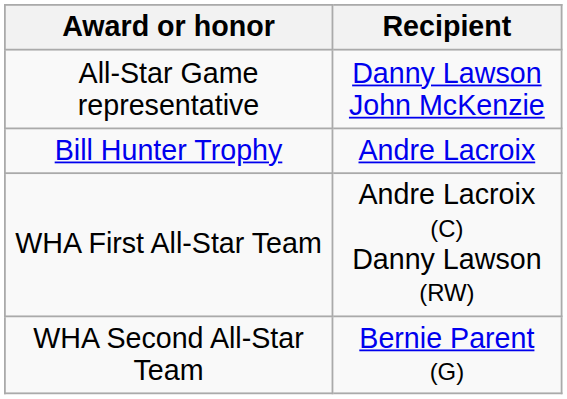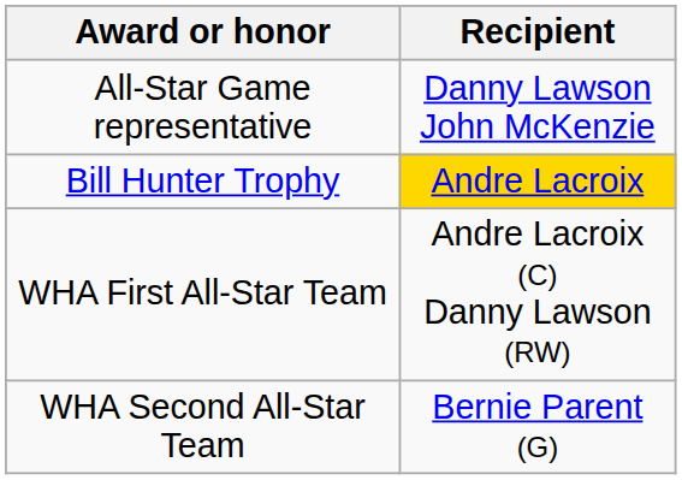 <table class="wikitable" style="text-align: center;" width="50%">
 <tr>
 <th scope="col">Award or honor</th>
 <th scope="col">Recipient</th>
 </tr>
 <tr>
 <td>All-Star Game representative</td>
 <td><a href='#'>Danny Lawson</a><br><a href='#'>John McKenzie</a></td>
 </tr>
 <tr>
 <td><a href='#'>Bill Hunter Trophy</a></td>
-<td><a href='#'>Andre Lacroix</a></td>
+<td style="background: gold;"><a href='#'>Andre Lacroix</a></td>
 </tr>
 <tr>
 <td>WHA First All-Star Team</td>
 <td>Andre Lacroix <small>(C)</small><br>Danny Lawson <small>(RW)</small></td>
 </tr>
 <tr>
 <td>WHA Second All-Star Team</td>
 <td><a href='#'>Bernie Parent</a> <small>(G)</small></td>
 </tr>
 </table>
